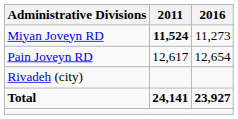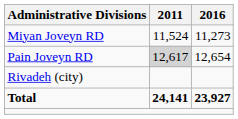 <table class="wikitable">
 <tr>
 <th>Administrative Divisions</th>
 <th>2011</th>
 <th>2016</th>
 </tr>
 <tr>
 <td><a href='#'>Miyan Joveyn RD</a></td>
-<td style="text-align: right;"><strong>11,524</strong></td>
+<td style="text-align: right;">11,524</td>
 <td style="text-align: right;">11,273</td>
 </tr>
 <tr>
 <td><a href='#'>Pain Joveyn RD</a></td>
-<td style="text-align: right;">12,617</td>
+<td style="background: lightgrey; text-align: right;">12,617</td>
 <td style="text-align: right;">12,654</td>
 </tr>
 <tr>
 <td><a href='#'>Rivadeh</a> (city)</td>
 <td style="text-align: right;"></td>
 <td style="text-align: right;"></td>
 </tr>
 <tr>
 <td><strong>Total</strong></td>
 <td style="text-align: right;"><strong>24,141</strong></td>
 <td style="text-align: right;"><strong>23,927</strong></td>
 </tr>
 <tr>
 <td colspan=3></td>
 </tr>
 </table>
